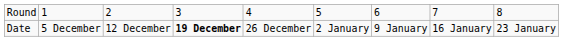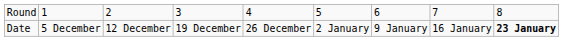 <table class="wikitable">
 <tr>
 <td>Round</td>
 <td>1</td>
 <td>2</td>
 <td>3</td>
 <td>4</td>
 <td>5</td>
 <td>6</td>
 <td>7</td>
 <td>8</td>
 </tr>
 <tr>
 <td>Date</td>
 <td>5 December</td>
 <td>12 December</td>
-<td><strong>19 December</strong></td>
+<td>19 December</td>
 <td>26 December</td>
 <td>2 January</td>
 <td>9 January</td>
 <td>16 January</td>
-<td>23 January</td>
+<td><strong>23 January</strong></td>
 </tr>
 </table>
